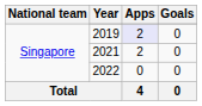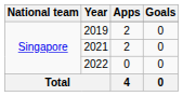 <table class="wikitable" style="text-align:center">
 <tr>
 <th>National team</th>
 <th>Year</th>
 <th>Apps</th>
 <th>Goals</th>
 </tr>
 <tr>
 <td rowspan="4"><a href='#'>Singapore</a></td>
 </tr>
 <tr>
 <td>2019</td>
-<td style="background: lavender;">2</td>
+<td>2</td>
 <td>0</td>
 </tr>
 <tr>
 <td>2021</td>
 <td>2</td>
 <td>0</td>
 </tr>
 <tr>
 <td>2022</td>
 <td>0</td>
 <td>0</td>
 </tr>
 <tr>
 <th colspan="2">Total</th>
 <th>4</th>
 <th>0</th>
 </tr>
 </table>
